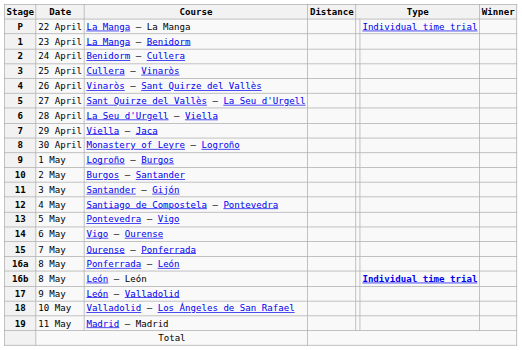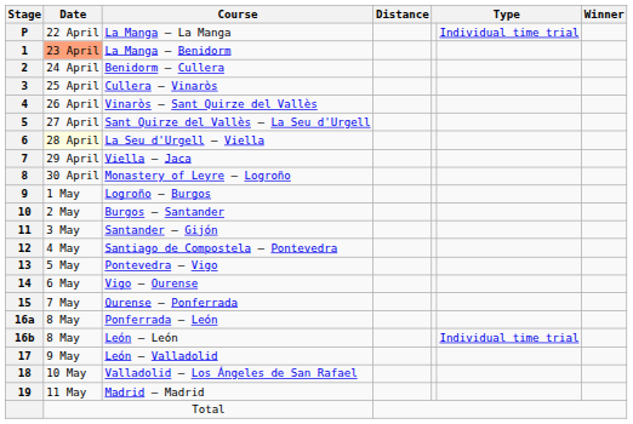 <table class="wikitable">
 <tr>
 <th scope="col">Stage</th>
 <th scope="col">Date</th>
 <th scope="col">Course</th>
 <th scope="col">Distance</th>
 <th scope="col" colspan="2">Type</th>
 <th scope="col">Winner</th>
 </tr>
 <tr>
 <th scope="row">P</th>
 <td>22 April</td>
 <td><a href='#'>La Manga</a> – La Manga</td>
 <td style="text-align:center;"></td>
 <td></td>
 <td><a href='#'>Individual time trial</a></td>
 <td></td>
 </tr>
 <tr>
 <th scope="row">1</th>
-<td>23 April</td>
+<td style="background: lightsalmon;">23 April</td>
 <td><a href='#'>La Manga</a> – <a href='#'>Benidorm</a></td>
 <td style="text-align:center;"></td>
 <td></td>
 <td></td>
 <td></td>
 </tr>
 <tr>
 <th scope="row">2</th>
 <td>24 April</td>
 <td><a href='#'>Benidorm</a> – <a href='#'>Cullera</a></td>
 <td style="text-align:center;"></td>
 <td></td>
 <td></td>
 <td></td>
 </tr>
 <tr>
 <th scope="row">3</th>
 <td>25 April</td>
 <td><a href='#'>Cullera</a> – <a href='#'>Vinaròs</a></td>
 <td style="text-align:center;"></td>
 <td></td>
 <td></td>
 <td></td>
 </tr>
 <tr>
 <th scope="row">4</th>
 <td>26 April</td>
 <td><a href='#'>Vinaròs</a> – <a href='#'>Sant Quirze del Vallès</a></td>
 <td style="text-align:center;"></td>
 <td></td>
 <td></td>
 <td></td>
 </tr>
 <tr>
 <th scope="row">5</th>
 <td>27 April</td>
 <td><a href='#'>Sant Quirze del Vallès</a> – <a href='#'>La Seu d'Urgell</a></td>
 <td style="text-align:center;"></td>
 <td></td>
 <td></td>
 <td></td>
 </tr>
 <tr>
 <th scope="row">6</th>
-<td>28 April</td>
+<td style="background: lightyellow;">28 April</td>
 <td><a href='#'>La Seu d'Urgell</a> – <a href='#'>Viella</a></td>
 <td style="text-align:center;"></td>
 <td></td>
 <td></td>
 <td></td>
 </tr>
 <tr>
 <th scope="row">7</th>
 <td>29 April</td>
 <td><a href='#'>Viella</a> – <a href='#'>Jaca</a></td>
 <td style="text-align:center;"></td>
 <td></td>
 <td></td>
 <td></td>
 </tr>
 <tr>
 <th scope="row">8</th>
 <td>30 April</td>
 <td><a href='#'>Monastery of Leyre</a> – <a href='#'>Logroño</a></td>
 <td style="text-align:center;"></td>
 <td></td>
 <td></td>
 <td></td>
 </tr>
 <tr>
 <th scope="row">9</th>
 <td>1 May</td>
 <td><a href='#'>Logroño</a> – <a href='#'>Burgos</a></td>
 <td style="text-align:center;"></td>
 <td></td>
 <td></td>
 <td></td>
 </tr>
 <tr>
 <th scope="row">10</th>
 <td>2 May</td>
 <td><a href='#'>Burgos</a> – <a href='#'>Santander</a></td>
 <td style="text-align:center;"></td>
 <td></td>
 <td></td>
 <td></td>
 </tr>
 <tr>
 <th scope="row">11</th>
 <td>3 May</td>
 <td><a href='#'>Santander</a> – <a href='#'>Gijón</a></td>
 <td style="text-align:center;"></td>
 <td></td>
 <td></td>
 <td></td>
 </tr>
 <tr>
 <th scope="row">12</th>
 <td>4 May</td>
 <td><a href='#'>Santiago de Compostela</a> – <a href='#'>Pontevedra</a></td>
 <td style="text-align:center;"></td>
 <td></td>
 <td></td>
 <td></td>
 </tr>
 <tr>
 <th scope="row">13</th>
 <td>5 May</td>
 <td><a href='#'>Pontevedra</a> – <a href='#'>Vigo</a></td>
 <td style="text-align:center;"></td>
 <td></td>
 <td></td>
 <td></td>
 </tr>
 <tr>
 <th scope="row">14</th>
 <td>6 May</td>
 <td><a href='#'>Vigo</a> – <a href='#'>Ourense</a></td>
 <td style="text-align:center;"></td>
 <td></td>
 <td></td>
 <td></td>
 </tr>
 <tr>
 <th scope="row">15</th>
 <td>7 May</td>
 <td><a href='#'>Ourense</a> – <a href='#'>Ponferrada</a></td>
 <td style="text-align:center;"></td>
 <td></td>
 <td></td>
 <td></td>
 </tr>
 <tr>
 <th scope="row">16a</th>
 <td>8 May</td>
 <td><a href='#'>Ponferrada</a> – <a href='#'>León</a></td>
 <td style="text-align:center;"></td>
 <td></td>
 <td></td>
 <td></td>
 </tr>
 <tr>
 <th scope="row">16b</th>
 <td>8 May</td>
 <td><a href='#'>León</a> – León</td>
 <td style="text-align:center;"></td>
 <td></td>
-<td><strong><a href='#'>Individual time trial</a></strong></td>
+<td><a href='#'>Individual time trial</a></td>
 <td></td>
 </tr>
 <tr>
 <th scope="row">17</th>
 <td>9 May</td>
 <td><a href='#'>León</a> – <a href='#'>Valladolid</a></td>
 <td style="text-align:center;"></td>
 <td></td>
 <td></td>
 <td></td>
 </tr>
 <tr>
 <th scope="row">18</th>
 <td>10 May</td>
 <td><a href='#'>Valladolid</a> – <a href='#'>Los Ángeles de San Rafael</a></td>
 <td style="text-align:center;"></td>
 <td></td>
 <td></td>
 <td></td>
 </tr>
 <tr>
 <th scope="row">19</th>
 <td>11 May</td>
 <td><a href='#'>Madrid</a> – Madrid</td>
 <td style="text-align:center;"></td>
 <td></td>
 <td></td>
 <td></td>
 </tr>
 <tr>
 <th scope="row"></th>
 <td colspan="2" style="text-align:center">Total</td>
 <td colspan="4" style="text-align:center"></td>
 </tr>
 </table>
